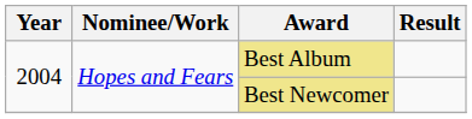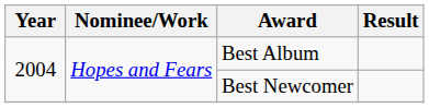 <table class="wikitable">
 <tr>
 <th width="40">Year</th>
 <th>Nominee/Work</th>
 <th>Award</th>
 <th>Result</th>
 </tr>
 <tr>
 <td align="center" rowspan="2">2004</td>
 <td rowspan="2"><em><a href='#'>Hopes and Fears</a></em></td>
-<td style="background: khaki;">Best Album</td>
+<td>Best Album</td>
 <td></td>
 </tr>
 <tr>
-<td style="background: khaki;">Best Newcomer</td>
+<td>Best Newcomer</td>
 <td></td>
 </tr>
 <tr>
 </tr>
 </table>
